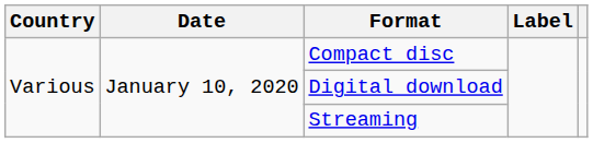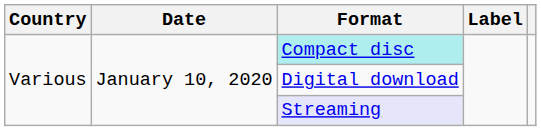 <table class="wikitable">
 <tr>
 <th>Country</th>
 <th>Date</th>
 <th>Format</th>
 <th>Label</th>
 <th></th>
 </tr>
 <tr>
 <td rowspan="3">Various</td>
 <td rowspan="3">January 10, 2020</td>
-<td><a href='#'>Compact disc</a></td>
+<td style="background: paleturquoise;"><a href='#'>Compact disc</a></td>
 <td rowspan="3"></td>
 <td rowspan="3"></td>
 </tr>
 <tr>
 <td><a href='#'>Digital download</a></td>
 </tr>
 <tr>
-<td><a href='#'>Streaming</a></td>
+<td style="background: lavender;"><a href='#'>Streaming</a></td>
 </tr>
 </table>
